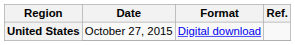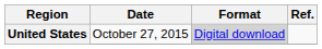 <table class="wikitable plainrowheaders">
 <tr>
 <th>Region</th>
 <th>Date</th>
 <th>Format</th>
 <th>Ref.</th>
 </tr>
 <tr>
 <th scope="row" rowspan="2">United States</th>
 <td rowspan="1">October 27, 2015</td>
-<td rowspan="1"><a href='#'>Digital download</a></td>
+<td rowspan="1" style="background: lightgrey;"><a href='#'>Digital download</a></td>
 <td><br></td>
 </tr>
 <tr>
 </tr>
 </table>
